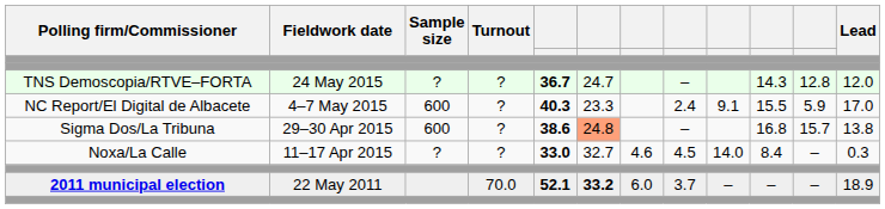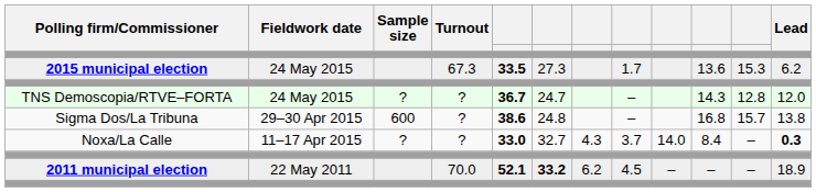 <table class="wikitable collapsible collapsed" style="text-align:center; font-size:95%; line-height:16px;">
 <tr style="height:42px;">
 <th style="width:250px;" rowspan="2">Polling firm/Commissioner</th>
 <th style="width:125px;" rowspan="2">Fieldwork date</th>
 <th style="width:50px;" rowspan="2">Sample size</th>
 <th style="width:45px;" rowspan="2">Turnout</th>
 <th style="width:35px;"></th>
 <th style="width:35px;"></th>
 <th style="width:35px;"></th>
 <th style="width:35px;"></th>
 <th style="width:35px;"></th>
 <th style="width:35px;"></th>
 <th style="width:35px;"></th>
 <th style="width:30px;" rowspan="2">Lead</th>
 </tr>
 <tr>
 <th style="color:inherit;background:"></th>
 <th style="color:inherit;background:"></th>
 <th style="color:inherit;background:"></th>
 <th style="color:inherit;background:"></th>
 <th style="color:inherit;background:"></th>
 <th style="color:inherit;background:"></th>
 <th style="color:inherit;background:"></th>
 </tr>
 <tr>
 <td colspan="12" style="background:#A0A0A0"></td>
 </tr>
+<tr style="background:#EFEFEF;">
+<td><strong><a href='#'>2015 municipal election</a></strong></td>
+<td>24 May 2015</td>
+<td></td>
+<td>67.3</td>
+<td><strong>33.5</strong><br></td>
+<td>27.3<br></td>
+<td></td>
+<td>1.7<br></td>
+<td></td>
+<td>13.6<br></td>
+<td>15.3<br></td>
+<td style="background:">6.2</td>
+</tr>
 <tr>
 <td colspan="12" style="background:#A0A0A0"></td>
 </tr>
 <tr style="background:#EAFFEA;">
 <td>TNS Demoscopia/RTVE–FORTA</td>
 <td>24 May 2015</td>
 <td>?</td>
 <td>?</td>
 <td><strong>36.7</strong><br></td>
 <td>24.7<br></td>
 <td></td>
 <td>–</td>
 <td></td>
 <td>14.3<br></td>
 <td>12.8<br></td>
 <td style="background:">12.0</td>
 </tr>
 <tr>
-<td>NC Report/El Digital de Albacete</td>
-<td>4–7 May 2015</td>
-<td>600</td>
-<td>?</td>
-<td><strong>40.3</strong><br></td>
-<td>23.3<br></td>
-<td></td>
-<td>2.4<br></td>
-<td>9.1<br></td>
-<td>15.5<br></td>
-<td>5.9<br></td>
-<td style="background:">17.0</td>
-</tr>
-<tr>
 <td>Sigma Dos/La Tribuna</td>
 <td>29–30 Apr 2015</td>
 <td>600</td>
 <td>?</td>
 <td><strong>38.6</strong><br></td>
-<td style="background: lightsalmon;">24.8<br></td>
+<td>24.8<br></td>
 <td></td>
 <td>–</td>
 <td></td>
 <td>16.8<br></td>
 <td>15.7<br></td>
 <td style="background:">13.8</td>
 </tr>
 <tr>
 <td>Noxa/La Calle</td>
 <td>11–17 Apr 2015</td>
 <td>?</td>
 <td>?</td>
 <td><strong>33.0</strong></td>
 <td>32.7</td>
-<td>4.6</td>
-<td>4.5</td>
+<td>4.3</td>
+<td>3.7<br></td>
 <td>14.0</td>
 <td>8.4</td>
 <td>–</td>
-<td style="background:">0.3</td>
+<td style="background:"><strong>0.3</strong></td>
 </tr>
 <tr>
 <td colspan="12" style="background:#A0A0A0"></td>
 </tr>
 <tr style="background:#EFEFEF;">
 <td><strong><a href='#'>2011 municipal election</a></strong></td>
 <td>22 May 2011</td>
 <td></td>
 <td>70.0</td>
 <td><strong>52.1</strong><br></td>
 <td><strong>33.2<br></strong></td>
-<td>6.0<br></td>
-<td>3.7<br></td>
+<td>6.2<br></td>
+<td>4.5</td>
 <td>–</td>
 <td>–</td>
 <td>–</td>
 <td style="background:">18.9</td>
 </tr>
 <tr>
 <td colspan="12" style="background:#A0A0A0"></td>
 </tr>
 </table>
